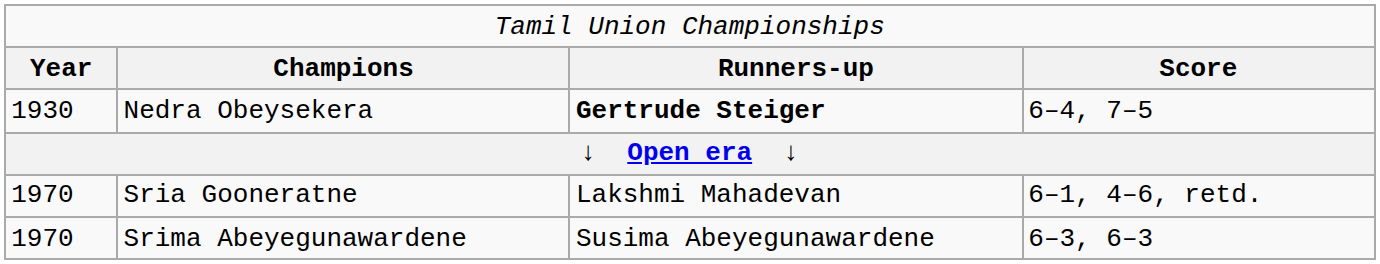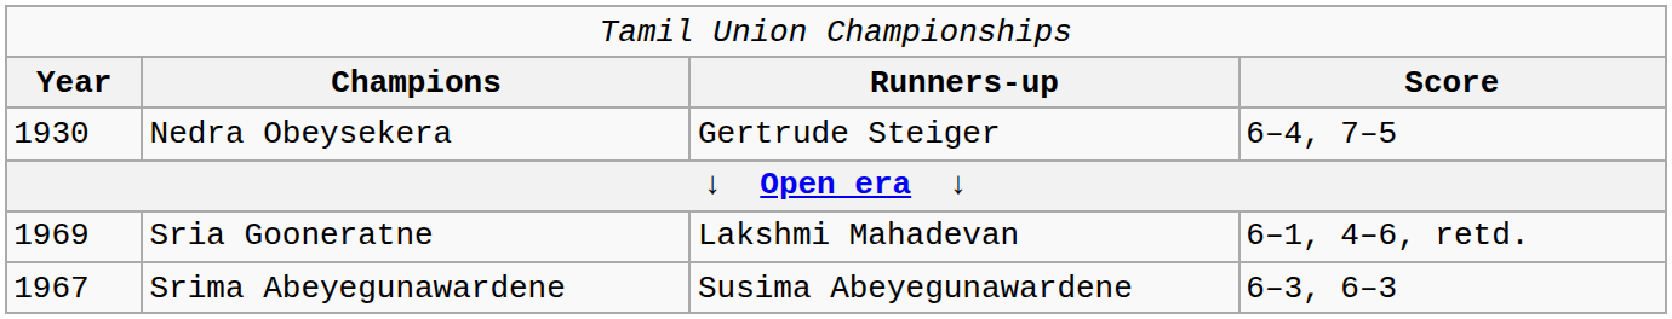 <table class="wikitable">
 <tr>
 <td colspan=4 align=center><em>Tamil Union Championships</em></td>
 </tr>
 <tr>
 <th style="width:50px">Year</th>
 <th style="width:220px">Champions</th>
 <th style="width:220px">Runners-up</th>
 <th style="width:170px" class="unsortable">Score</th>
 </tr>
 <tr>
 <td>1930</td>
 <td> Nedra Obeysekera</td>
-<td><strong> Gertrude Steiger</strong></td>
+<td> Gertrude Steiger</td>
 <td>6–4, 7–5</td>
 </tr>
 <tr>
 <th colspan=4 align=center>↓  <a href='#'>Open era</a>  ↓</th>
 </tr>
 <tr>
-<td>1970</td>
+<td>1969</td>
 <td> Sria Gooneratne</td>
 <td> Lakshmi Mahadevan</td>
 <td>6–1, 4–6, retd.</td>
 </tr>
 <tr>
-<td>1970</td>
+<td>1967</td>
 <td> Srima Abeyegunawardene</td>
 <td> Susima Abeyegunawardene</td>
 <td>6–3, 6–3</td>
 </tr>
 <tr>
 </tr>
 </table>
